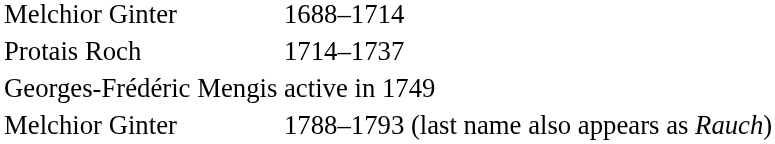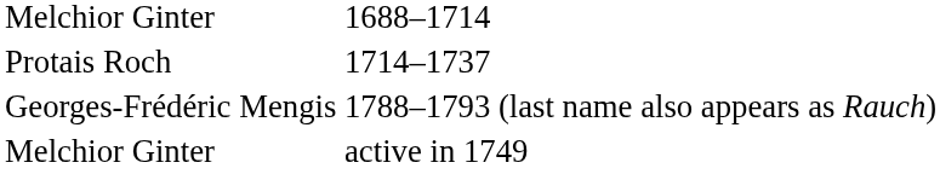 <table>
 <tr>
 <td>Melchior Ginter</td>
 <td>1688–1714</td>
 </tr>
 <tr>
 <td>Protais Roch</td>
 <td>1714–1737</td>
 </tr>
 <tr>
 <td>Georges-Frédéric Mengis</td>
-<td>active in 1749</td>
+<td>1788–1793 (last name also appears as <em>Rauch</em>)</td>
 </tr>
 <tr>
 <td>Melchior Ginter</td>
-<td>1788–1793 (last name also appears as <em>Rauch</em>)</td>
+<td>active in 1749</td>
 </tr>
 </table>
